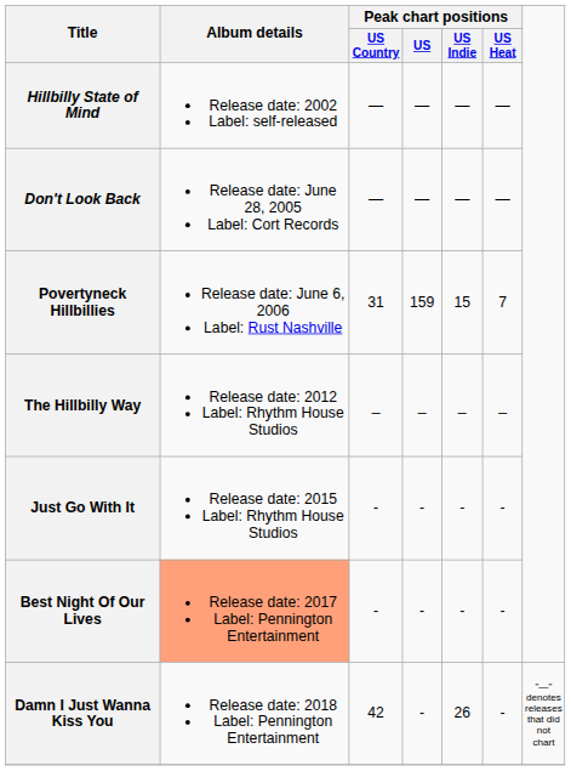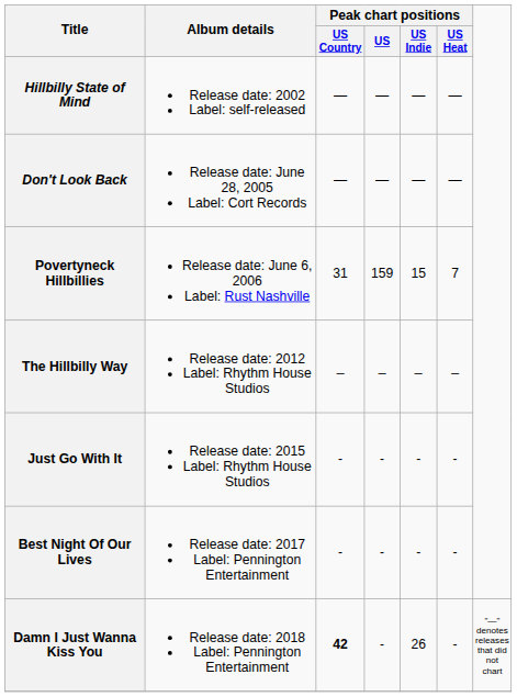 <table class="wikitable plainrowheaders" style="text-align:center;">
 <tr>
 <th rowspan="2" style="width:14em;">Title</th>
 <th rowspan="2" style="width:16em;">Album details</th>
 <th colspan="4">Peak chart positions</th>
 </tr>
 <tr style="font-size:smaller;">
 <th width="45"><a href='#'>US Country</a></th>
 <th width="45"><a href='#'>US</a></th>
 <th width="45"><a href='#'>US Indie</a></th>
 <th width="45"><a href='#'>US Heat</a></th>
 </tr>
 <tr>
 <th scope="row"><em>Hillbilly State of Mind</em></th>
 <td><br><ul><li>Release date: 2002</li><li>Label: self-released</li></ul></td>
 <td>—</td>
 <td>—</td>
 <td>—</td>
 <td>—</td>
 </tr>
 <tr>
 <th scope="row"><em>Don't Look Back</em></th>
 <td><br><ul><li>Release date: June 28, 2005</li><li>Label: Cort Records</li></ul></td>
 <td>—</td>
 <td>—</td>
 <td>—</td>
 <td>—</td>
 </tr>
 <tr>
 <th scope="row">Povertyneck Hillbillies</th>
 <td><br><ul><li>Release date: June 6, 2006</li><li>Label: <a href='#'>Rust Nashville</a></li></ul></td>
 <td>31</td>
 <td>159</td>
 <td>15</td>
 <td>7</td>
 </tr>
 <tr>
 <th scope="row">The Hillbilly Way</th>
 <td><br><ul><li>Release date: 2012</li><li>Label: Rhythm House Studios</li></ul></td>
 <td>_</td>
 <td>_</td>
 <td>_</td>
 <td>_</td>
 </tr>
 <tr>
 <th scope="row">Just Go With It</th>
 <td><br><ul><li>Release date: 2015</li><li>Label: Rhythm House Studios</li></ul></td>
 <td>-</td>
 <td>-</td>
 <td>-</td>
 <td>-</td>
 </tr>
 <tr>
 <th scope="row">Best Night Of Our Lives</th>
-<td style="background: lightsalmon;"><br><ul><li>Release date: 2017</li><li>Label: Pennington Entertainment</li></ul></td>
+<td><br><ul><li>Release date: 2017</li><li>Label: Pennington Entertainment</li></ul></td>
 <td>-</td>
 <td>-</td>
 <td>-</td>
 <td>-</td>
 </tr>
 <tr>
 <th scope="row">Damn I Just Wanna Kiss You</th>
 <td><br><ul><li>Release date: 2018</li><li>Label: Pennington Entertainment</li></ul></td>
-<td>42</td>
+<td><strong>42</strong></td>
 <td>-</td>
 <td>26</td>
 <td>-</td>
 <td colspan="6" style="font-size:8pt">"—" denotes releases that did not chart</td>
 </tr>
 <tr>
 </tr>
 </table>
